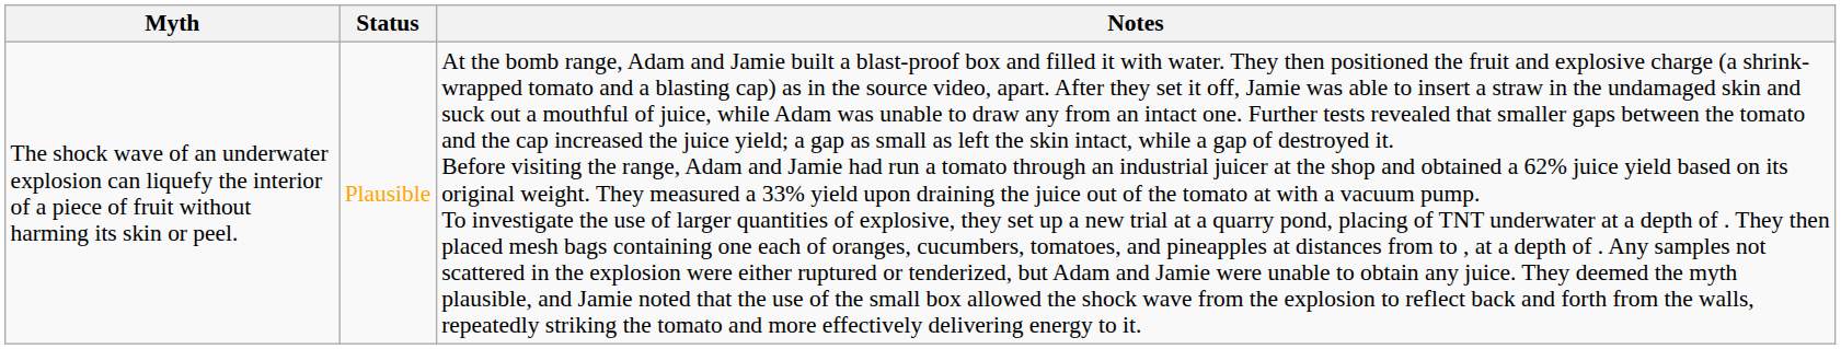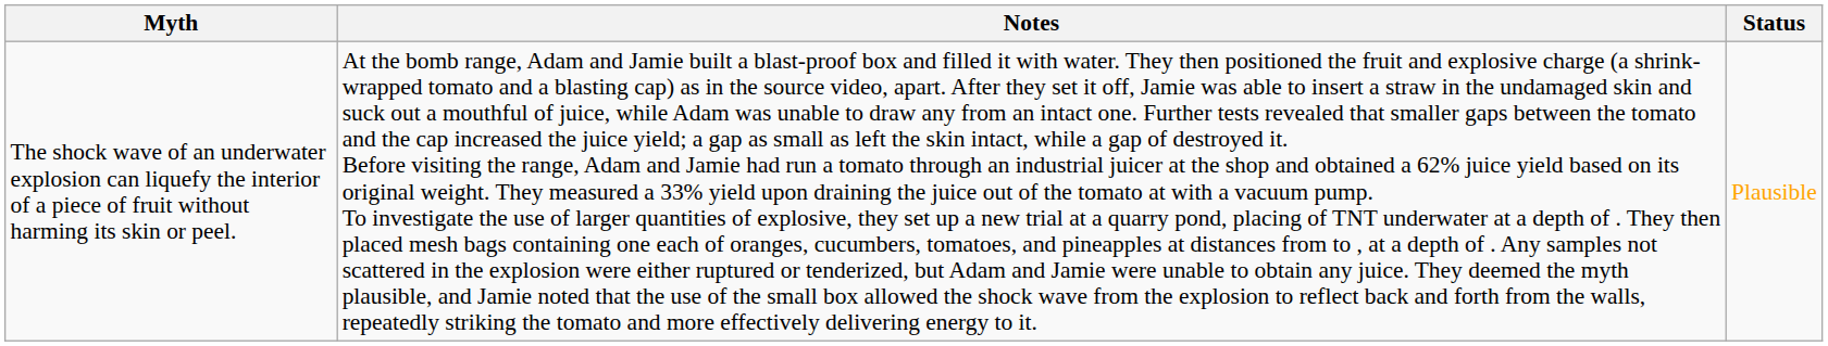 <table class="wikitable plainrowheaders">
 <tr>
 <th scope"col">Myth</th>
+<th scope"col">Notes</th>
 <th scope"col">Status</th>
-<th scope"col">Notes</th>
 </tr>
 <tr>
 <td scope"row">The shock wave of an underwater explosion can liquefy the interior of a piece of fruit without harming its skin or peel.</td>
+<td>At the bomb range, Adam and Jamie built a blast-proof box and filled it with water. They then positioned the fruit and explosive charge (a shrink-wrapped tomato and a blasting cap) as in the source video,  apart. After they set it off, Jamie was able to insert a straw in the undamaged skin and suck out a mouthful of juice, while Adam was unable to draw any from an intact one. Further tests revealed that smaller gaps between the tomato and the cap increased the juice yield; a gap as small as  left the skin intact, while a gap of  destroyed it.<br>Before visiting the range, Adam and Jamie had run a tomato through an industrial juicer at the shop and obtained a 62% juice yield based on its original weight. They measured a 33% yield upon draining the juice out of the tomato at  with a vacuum pump.<br>To investigate the use of larger quantities of explosive, they set up a new trial at a quarry pond, placing  of TNT underwater at a depth of . They then placed mesh bags containing one each of oranges, cucumbers, tomatoes, and pineapples at distances from  to , at a depth of . Any samples not scattered in the explosion were either ruptured or tenderized, but Adam and Jamie were unable to obtain any juice. They deemed the myth plausible, and Jamie noted that the use of the small box allowed the shock wave from the explosion to reflect back and forth from the walls, repeatedly striking the tomato and more effectively delivering energy to it.</td>
 <td style="color:orange">Plausible</td>
-<td>At the bomb range, Adam and Jamie built a blast-proof box and filled it with water. They then positioned the fruit and explosive charge (a shrink-wrapped tomato and a blasting cap) as in the source video,  apart. After they set it off, Jamie was able to insert a straw in the undamaged skin and suck out a mouthful of juice, while Adam was unable to draw any from an intact one. Further tests revealed that smaller gaps between the tomato and the cap increased the juice yield; a gap as small as  left the skin intact, while a gap of  destroyed it.<br>Before visiting the range, Adam and Jamie had run a tomato through an industrial juicer at the shop and obtained a 62% juice yield based on its original weight. They measured a 33% yield upon draining the juice out of the tomato at  with a vacuum pump.<br>To investigate the use of larger quantities of explosive, they set up a new trial at a quarry pond, placing  of TNT underwater at a depth of . They then placed mesh bags containing one each of oranges, cucumbers, tomatoes, and pineapples at distances from  to , at a depth of . Any samples not scattered in the explosion were either ruptured or tenderized, but Adam and Jamie were unable to obtain any juice. They deemed the myth plausible, and Jamie noted that the use of the small box allowed the shock wave from the explosion to reflect back and forth from the walls, repeatedly striking the tomato and more effectively delivering energy to it.</td>
 </tr>
 </table>
